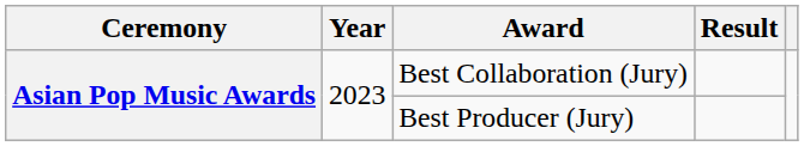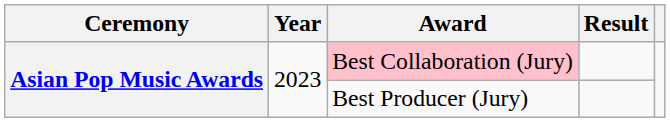 <table class="wikitable plainrowheaders">
 <tr>
 <th scope="col">Ceremony</th>
 <th scope="col">Year</th>
 <th scope="col">Award</th>
 <th scope="col">Result</th>
 <th scope="col" class="unsortable"></th>
 </tr>
 <tr>
 <th scope="row" rowspan="2"><a href='#'>Asian Pop Music Awards</a></th>
 <td rowspan="2">2023</td>
-<td>Best Collaboration (Jury)</td>
+<td style="background: pink;">Best Collaboration (Jury)</td>
 <td></td>
 <td style="text-align:center" rowspan="2"></td>
 </tr>
 <tr>
 <td>Best Producer (Jury)</td>
 <td></td>
 </tr>
 </table>
